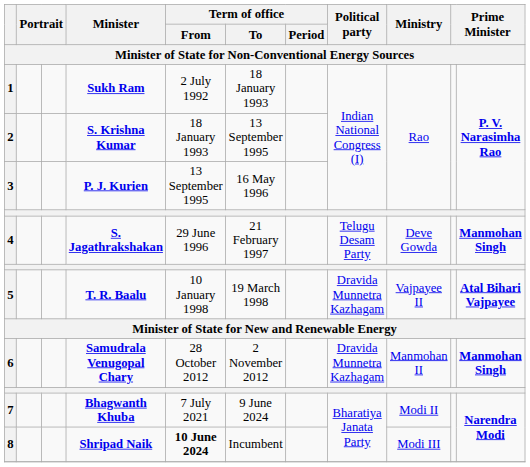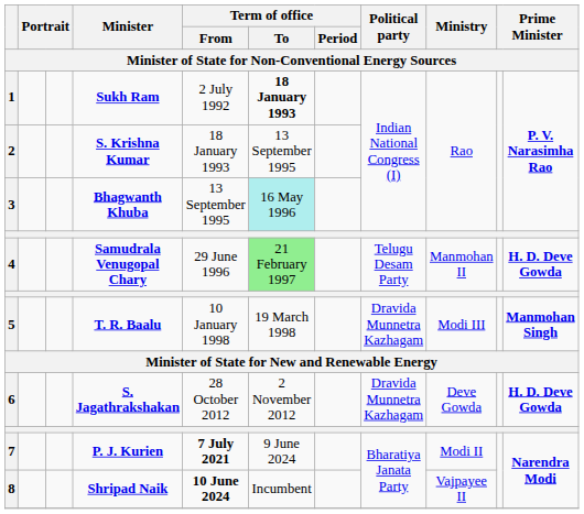 <table class="wikitable" style="text-align:center">
 <tr>
 <th rowspan="2"></th>
 <th rowspan="2" colspan="2">Portrait</th>
 <th rowspan="2" style="width:16em">Minister<br></th>
 <th colspan="3">Term of office</th>
 <th rowspan="2" style="width:8em">Political party</th>
 <th rowspan="2" style="width:6em">Ministry</th>
 <th rowspan="2" colspan="2">Prime Minister</th>
 </tr>
 <tr>
 <th style="width:8em">From</th>
 <th style="width:8em">To</th>
 <th style="width:6em">Period</th>
 </tr>
 <tr>
 <th colspan="11">Minister of State for Non-Conventional Energy Sources</th>
 </tr>
 <tr>
 <th>1</th>
 <td></td>
 <td></td>
 <td><strong><a href='#'>Sukh Ram</a></strong><br></td>
 <td>2 July<br>1992</td>
-<td>18 January<br>1993</td>
+<td><strong>18 January<br>1993</strong></td>
 <td><strong></strong></td>
 <td rowspan="3"><a href='#'>Indian National Congress (I)</a></td>
 <td rowspan="3"><a href='#'>Rao</a></td>
 <td rowspan="3"></td>
 <td rowspan="3"><strong><a href='#'>P. V. Narasimha Rao</a></strong></td>
 </tr>
 <tr>
 <th>2</th>
 <td></td>
 <td></td>
 <td><strong><a href='#'>S. Krishna Kumar</a></strong><br></td>
 <td>18 January<br>1993</td>
 <td>13 September<br>1995</td>
 <td><strong></strong></td>
 </tr>
 <tr>
 <th>3</th>
 <td></td>
 <td></td>
-<td><strong><a href='#'>P. J. Kurien</a></strong><br></td>
+<td><strong><a href='#'>Bhagwanth Khuba</a></strong><br></td>
 <td>13 September<br>1995</td>
-<td>16 May<br>1996</td>
+<td style="background: paleturquoise;">16 May<br>1996</td>
 <td><strong></strong></td>
 </tr>
 <tr>
 <th colspan="11"></th>
 </tr>
 <tr>
 <th>4</th>
 <td></td>
 <td></td>
-<td><strong><a href='#'>S. Jagathrakshakan</a></strong><br></td>
+<td><strong><a href='#'>Samudrala Venugopal Chary</a></strong><br></td>
 <td>29 June<br>1996</td>
-<td>21 February<br>1997</td>
+<td style="background: lightgreen;">21 February<br>1997</td>
 <td><strong></strong></td>
 <td><a href='#'>Telugu Desam Party</a></td>
-<td><a href='#'>Deve Gowda</a></td>
+<td><a href='#'>Manmohan II</a></td>
 <td></td>
-<td><strong><a href='#'>Manmohan Singh</a></strong></td>
+<td><strong><a href='#'>H. D. Deve Gowda</a></strong></td>
 </tr>
 <tr>
 <th colspan="11"></th>
 </tr>
 <tr>
 <th>5</th>
 <td></td>
 <td></td>
 <td><strong><a href='#'>T. R. Baalu</a></strong><br></td>
 <td>10 January<br>1998</td>
 <td>19 March<br>1998</td>
 <td><strong></strong></td>
 <td><a href='#'>Dravida Munnetra Kazhagam</a></td>
-<td><a href='#'>Vajpayee II</a></td>
+<td><a href='#'>Modi III</a></td>
 <td></td>
-<td><strong><a href='#'>Atal Bihari Vajpayee</a></strong></td>
+<td><strong><a href='#'>Manmohan Singh</a></strong></td>
 </tr>
 <tr>
 <th colspan="11">Minister of State for New and Renewable Energy</th>
 </tr>
 <tr>
 <th>6</th>
 <td></td>
 <td></td>
-<td><strong><a href='#'>Samudrala Venugopal Chary</a></strong><br></td>
+<td><strong><a href='#'>S. Jagathrakshakan</a></strong><br></td>
 <td>28 October<br>2012</td>
 <td>2 November<br>2012</td>
 <td><strong></strong></td>
 <td><a href='#'>Dravida Munnetra Kazhagam</a></td>
-<td><a href='#'>Manmohan II</a></td>
+<td><a href='#'>Deve Gowda</a></td>
 <td></td>
-<td><strong><a href='#'>Manmohan Singh</a></strong></td>
+<td><strong><a href='#'>H. D. Deve Gowda</a></strong></td>
 </tr>
 <tr>
 <th colspan="11"></th>
 </tr>
 <tr>
 <th>7</th>
 <td></td>
 <td></td>
-<td><strong><a href='#'>Bhagwanth Khuba</a></strong><br></td>
-<td>7 July<br>2021</td>
+<td><strong><a href='#'>P. J. Kurien</a></strong><br></td>
+<td><strong>7 July<br>2021</strong></td>
 <td>9 June<br>2024</td>
 <td><strong></strong></td>
 <td rowspan="2"><a href='#'>Bharatiya Janata Party</a></td>
 <td><a href='#'>Modi II</a></td>
 <td rowspan="2"></td>
 <td rowspan="2" style="width:9em"><strong><a href='#'>Narendra Modi</a></strong></td>
 </tr>
 <tr>
 <th>8</th>
 <td></td>
 <td></td>
 <td><strong><a href='#'>Shripad Naik</a></strong><br></td>
 <td><strong>10 June<br>2024</strong></td>
 <td>Incumbent</td>
 <td><strong></strong></td>
-<td><a href='#'>Modi III</a></td>
+<td><a href='#'>Vajpayee II</a></td>
 </tr>
 <tr>
 </tr>
 </table>
